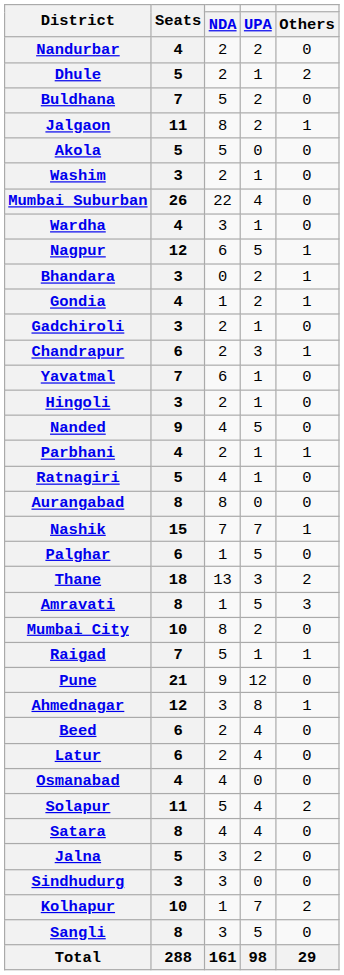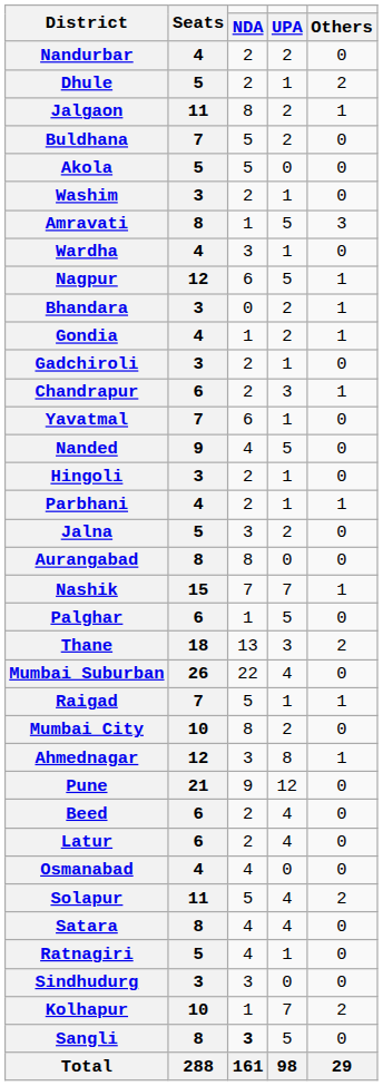 <table class="wikitable" style="text-align:center;">
 <tr>
 <th rowspan="2">District</th>
 <th rowspan="2">Seats</th>
 <td style="color:inherit;background:"></td>
 <td style="color:inherit;background:"></td>
 <td style="color:inherit;background:"></td>
 </tr>
 <tr>
 <th><a href='#'>NDA</a></th>
 <th><a href='#'>UPA</a></th>
 <th>Others</th>
 </tr>
 <tr>
 <th><a href='#'>Nandurbar</a></th>
 <th>4</th>
 <td>2</td>
 <td>2</td>
 <td>0</td>
 </tr>
 <tr>
 <th><a href='#'>Dhule</a></th>
 <th>5</th>
 <td>2</td>
 <td>1</td>
 <td>2</td>
 </tr>
 <tr>
+<th><a href='#'>Jalgaon</a></th>
+<th>11</th>
+<td style="color:inherit;background:">8</td>
+<td>2</td>
+<td>1</td>
+</tr>
+<tr>
 <th><a href='#'>Buldhana</a></th>
 <th>7</th>
 <td style="color:inherit;background:">5</td>
 <td>2</td>
 <td>0</td>
-</tr>
-<tr>
-<th><a href='#'>Jalgaon</a></th>
-<th>11</th>
-<td style="color:inherit;background:">8</td>
-<td>2</td>
-<td>1</td>
 </tr>
 <tr>
 <th><a href='#'>Akola</a></th>
 <th>5</th>
 <td style="color:inherit;background:">5</td>
 <td>0</td>
 <td>0</td>
 </tr>
 <tr>
 <th><a href='#'>Washim</a></th>
 <th>3</th>
 <td style="color:inherit;background:">2</td>
 <td>1</td>
 <td>0</td>
 </tr>
 <tr>
-<th><a href='#'>Mumbai Suburban</a></th>
-<th>26</th>
-<td style="color:inherit;background:">22</td>
-<td>4</td>
-<td>0</td>
+<th><a href='#'>Amravati</a></th>
+<th>8</th>
+<td>1</td>
+<td style="color:inherit;background:">5</td>
+<td>3</td>
 </tr>
 <tr>
 <th><a href='#'>Wardha</a></th>
 <th>4</th>
 <td style="color:inherit;background:">3</td>
 <td>1</td>
 <td>0</td>
 </tr>
 <tr>
 <th><a href='#'>Nagpur</a></th>
 <th>12</th>
 <td style="color:inherit;background:">6</td>
 <td>5</td>
 <td>1</td>
 </tr>
 <tr>
 <th><a href='#'>Bhandara</a></th>
 <th>3</th>
 <td>0</td>
 <td style="color:inherit;background:">2</td>
 <td>1</td>
 </tr>
 <tr>
 <th><a href='#'>Gondia</a></th>
 <th>4</th>
 <td>1</td>
 <td style="color:inherit;background:">2</td>
 <td>1</td>
 </tr>
 <tr>
 <th><a href='#'>Gadchiroli</a></th>
 <th>3</th>
 <td style="color:inherit;background:">2</td>
 <td>1</td>
 <td>0</td>
 </tr>
 <tr>
 <th><a href='#'>Chandrapur</a></th>
 <th>6</th>
 <td>2</td>
 <td style="color:inherit;background:">3</td>
 <td>1</td>
 </tr>
 <tr>
 <th><a href='#'>Yavatmal</a></th>
 <th>7</th>
 <td style="color:inherit;background:">6</td>
 <td>1</td>
 <td>0</td>
 </tr>
 <tr>
+<th><a href='#'>Nanded</a></th>
+<th>9</th>
+<td>4</td>
+<td style="color:inherit;background:">5</td>
+<td>0</td>
+</tr>
+<tr>
 <th><a href='#'>Hingoli</a></th>
 <th>3</th>
 <td style="color:inherit;background:">2</td>
 <td>1</td>
-<td>0</td>
-</tr>
-<tr>
-<th><a href='#'>Nanded</a></th>
-<th>9</th>
-<td>4</td>
-<td style="color:inherit;background:">5</td>
 <td>0</td>
 </tr>
 <tr>
 <th><a href='#'>Parbhani</a></th>
 <th>4</th>
 <td>2</td>
 <td>1</td>
 <td>1</td>
 </tr>
 <tr>
-<th><a href='#'>Ratnagiri</a></th>
+<th><a href='#'>Jalna</a></th>
 <th>5</th>
-<td style="color:inherit;background:">4</td>
-<td>1</td>
+<td style="color:inherit;background:">3</td>
+<td>2</td>
 <td>0</td>
 </tr>
 <tr>
 <th><a href='#'>Aurangabad</a></th>
 <th>8</th>
 <td style="color:inherit;background:">8</td>
 <td>0</td>
 <td>0</td>
 </tr>
 <tr>
 <th><a href='#'>Nashik</a></th>
 <th>15</th>
 <td>7</td>
 <td>7</td>
 <td>1</td>
 </tr>
 <tr>
 <th><a href='#'>Palghar</a></th>
 <th>6</th>
 <td>1</td>
 <td style="color:inherit;background:">5</td>
 <td>0</td>
 </tr>
 <tr>
 <th><a href='#'>Thane</a></th>
 <th>18</th>
 <td style="color:inherit;background:">13</td>
 <td>3</td>
 <td>2</td>
 </tr>
 <tr>
-<th><a href='#'>Amravati</a></th>
-<th>8</th>
-<td>1</td>
-<td style="color:inherit;background:">5</td>
-<td>3</td>
-</tr>
-<tr>
-<th><a href='#'>Mumbai City</a></th>
-<th>10</th>
-<td style="color:inherit;background:">8</td>
-<td>2</td>
+<th><a href='#'>Mumbai Suburban</a></th>
+<th>26</th>
+<td style="color:inherit;background:">22</td>
+<td>4</td>
 <td>0</td>
 </tr>
 <tr>
 <th><a href='#'>Raigad</a></th>
 <th>7</th>
 <td style="color:inherit;background:">5</td>
 <td>1</td>
 <td>1</td>
 </tr>
 <tr>
-<th><a href='#'>Pune</a></th>
-<th>21</th>
-<td>9</td>
-<td style="color:inherit;background:">12</td>
+<th><a href='#'>Mumbai City</a></th>
+<th>10</th>
+<td style="color:inherit;background:">8</td>
+<td>2</td>
 <td>0</td>
 </tr>
 <tr>
 <th><a href='#'>Ahmednagar</a></th>
 <th>12</th>
 <td>3</td>
 <td style="color:inherit;background:">8</td>
 <td>1</td>
+</tr>
+<tr>
+<th><a href='#'>Pune</a></th>
+<th>21</th>
+<td>9</td>
+<td style="color:inherit;background:">12</td>
+<td>0</td>
 </tr>
 <tr>
 <th><a href='#'>Beed</a></th>
 <th>6</th>
 <td>2</td>
 <td style="color:inherit;background:">4</td>
 <td>0</td>
 </tr>
 <tr>
 <th><a href='#'>Latur</a></th>
 <th>6</th>
 <td>2</td>
 <td style="color:inherit;background:">4</td>
 <td>0</td>
 </tr>
 <tr>
 <th><a href='#'>Osmanabad</a></th>
 <th>4</th>
 <td style="color:inherit;background:">4</td>
 <td>0</td>
 <td>0</td>
 </tr>
 <tr>
 <th><a href='#'>Solapur</a></th>
 <th>11</th>
 <td style="color:inherit;background:">5</td>
 <td>4</td>
 <td>2</td>
 </tr>
 <tr>
 <th><a href='#'>Satara</a></th>
 <th>8</th>
 <td>4</td>
 <td>4</td>
 <td>0</td>
 </tr>
 <tr>
-<th><a href='#'>Jalna</a></th>
+<th><a href='#'>Ratnagiri</a></th>
 <th>5</th>
-<td style="color:inherit;background:">3</td>
-<td>2</td>
+<td style="color:inherit;background:">4</td>
+<td>1</td>
 <td>0</td>
 </tr>
 <tr>
 <th><a href='#'>Sindhudurg</a></th>
 <th>3</th>
 <td style="color:inherit;background:">3</td>
 <td>0</td>
 <td>0</td>
 </tr>
 <tr>
 <th><a href='#'>Kolhapur</a></th>
 <th>10</th>
 <td>1</td>
 <td style="color:inherit;background:">7</td>
 <td>2</td>
 </tr>
 <tr>
 <th><a href='#'>Sangli</a></th>
 <th>8</th>
-<td>3</td>
+<td><strong>3</strong></td>
 <td style="color:inherit;background:">5</td>
 <td>0</td>
 </tr>
 <tr>
 <th>Total</th>
 <th>288</th>
 <th style="color:inherit;background:">161</th>
 <th>98</th>
 <th>29</th>
 </tr>
 </table>
